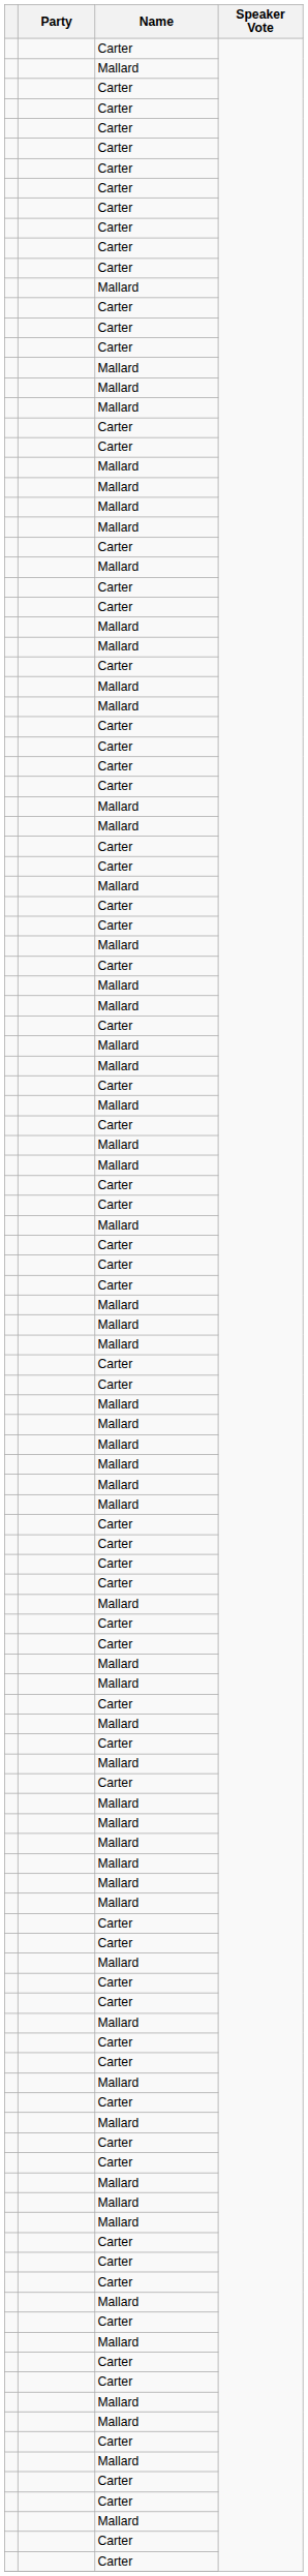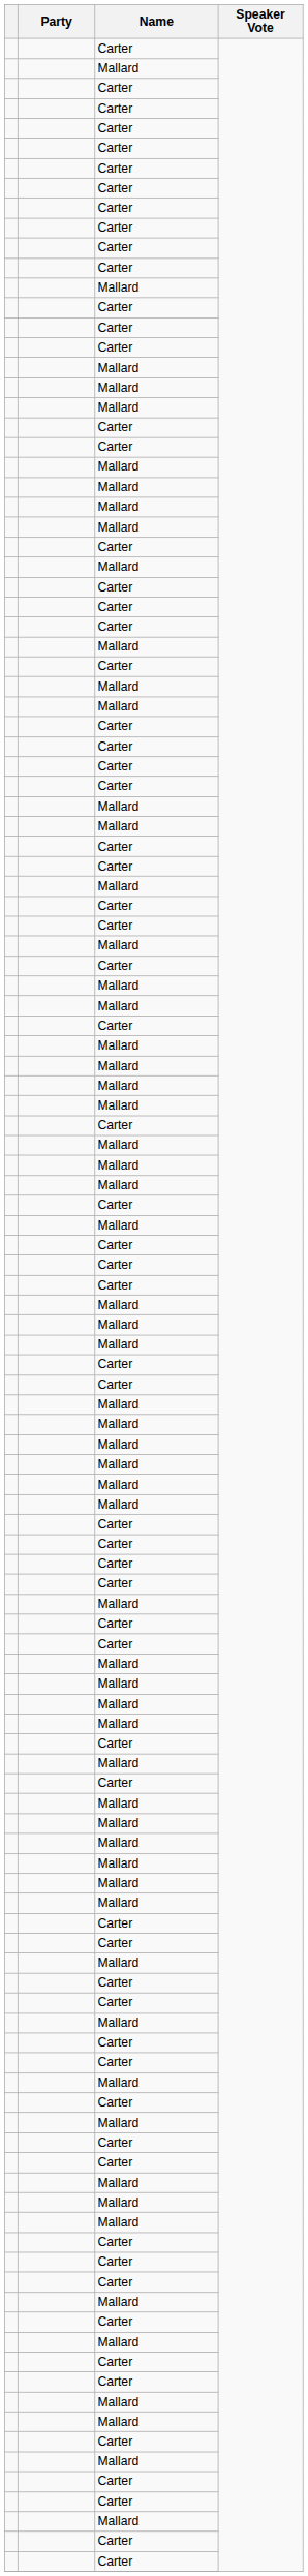 <table class="wikitable sortable mw-collapsible mw-collapsed">
 <tr>
 <th width=10  class=unsortable></th>
 <th width=90>Party</th>
 <th width=150>Name</th>
 <th width=100>Speaker Vote</th>
 </tr>
 <tr>
 <td></td>
 <td></td>
 <td>Carter</td>
 </tr>
 <tr>
 <td></td>
 <td></td>
 <td>Mallard</td>
 </tr>
 <tr>
 <td></td>
 <td></td>
 <td>Carter</td>
 </tr>
 <tr>
 <td></td>
 <td></td>
 <td>Carter</td>
 </tr>
 <tr>
 <td></td>
 <td></td>
 <td>Carter</td>
 </tr>
 <tr>
 <td></td>
 <td></td>
 <td>Carter</td>
 </tr>
 <tr>
 <td></td>
 <td></td>
 <td>Carter</td>
 </tr>
 <tr>
 <td></td>
 <td></td>
 <td>Carter</td>
 </tr>
 <tr>
 <td></td>
 <td></td>
 <td>Carter</td>
 </tr>
 <tr>
 <td></td>
 <td></td>
 <td>Carter</td>
 </tr>
 <tr>
 <td></td>
 <td></td>
 <td>Carter</td>
 </tr>
 <tr>
 <td></td>
 <td></td>
 <td>Carter</td>
 </tr>
 <tr>
 <td></td>
 <td></td>
 <td>Mallard</td>
 </tr>
 <tr>
 <td></td>
 <td></td>
 <td>Carter</td>
 </tr>
 <tr>
 <td></td>
 <td></td>
 <td>Carter</td>
 </tr>
 <tr>
 <td></td>
 <td></td>
 <td>Carter</td>
 </tr>
 <tr>
 <td></td>
 <td></td>
 <td>Mallard</td>
 </tr>
 <tr>
 <td></td>
 <td></td>
 <td>Mallard</td>
 </tr>
 <tr>
 <td></td>
 <td></td>
 <td>Mallard</td>
 </tr>
 <tr>
 <td></td>
 <td></td>
 <td>Carter</td>
 </tr>
 <tr>
 <td></td>
 <td></td>
 <td>Carter</td>
 </tr>
 <tr>
 <td></td>
 <td></td>
 <td>Mallard</td>
 </tr>
 <tr>
 <td></td>
 <td></td>
 <td>Mallard</td>
 </tr>
 <tr>
 <td></td>
 <td></td>
 <td>Mallard</td>
 </tr>
 <tr>
 <td></td>
 <td></td>
 <td>Mallard</td>
 </tr>
 <tr>
 <td></td>
 <td></td>
 <td>Carter</td>
 </tr>
 <tr>
 <td></td>
 <td></td>
 <td>Mallard</td>
 </tr>
 <tr>
 <td></td>
 <td></td>
 <td>Carter</td>
 </tr>
 <tr>
 <td></td>
 <td></td>
 <td>Carter</td>
 </tr>
 <tr>
 <td></td>
 <td></td>
-<td>Mallard</td>
+<td>Carter</td>
 </tr>
 <tr>
 <td></td>
 <td></td>
 <td>Mallard</td>
 </tr>
 <tr>
 <td></td>
 <td></td>
 <td>Carter</td>
 </tr>
 <tr>
 <td></td>
 <td></td>
 <td>Mallard</td>
 </tr>
 <tr>
 <td></td>
 <td></td>
 <td>Mallard</td>
 </tr>
 <tr>
 <td></td>
 <td></td>
 <td>Carter</td>
 </tr>
 <tr>
 <td></td>
 <td></td>
 <td>Carter</td>
 </tr>
 <tr>
 <td></td>
 <td></td>
 <td>Carter</td>
 </tr>
 <tr>
 <td></td>
 <td></td>
 <td>Carter</td>
 </tr>
 <tr>
 <td></td>
 <td></td>
 <td>Mallard</td>
 </tr>
 <tr>
 <td></td>
 <td></td>
 <td>Mallard</td>
 </tr>
 <tr>
 <td></td>
 <td></td>
 <td>Carter</td>
 </tr>
 <tr>
 <td></td>
 <td></td>
 <td>Carter</td>
 </tr>
 <tr>
 <td></td>
 <td></td>
 <td>Mallard</td>
 </tr>
 <tr>
 <td></td>
 <td></td>
 <td>Carter</td>
 </tr>
 <tr>
 <td></td>
 <td></td>
 <td>Carter</td>
 </tr>
 <tr>
 <td></td>
 <td></td>
 <td>Mallard</td>
 </tr>
 <tr>
 <td></td>
 <td></td>
 <td>Carter</td>
 </tr>
 <tr>
 <td></td>
 <td></td>
 <td>Mallard</td>
 </tr>
 <tr>
 <td></td>
 <td></td>
 <td>Mallard</td>
 </tr>
 <tr>
 <td></td>
 <td></td>
 <td>Carter</td>
 </tr>
 <tr>
 <td></td>
 <td></td>
 <td>Mallard</td>
 </tr>
 <tr>
 <td></td>
 <td></td>
 <td>Mallard</td>
 </tr>
 <tr>
 <td></td>
 <td></td>
-<td>Carter</td>
+<td>Mallard</td>
 </tr>
 <tr>
 <td></td>
 <td></td>
 <td>Mallard</td>
 </tr>
 <tr>
 <td></td>
 <td></td>
 <td>Carter</td>
 </tr>
 <tr>
 <td></td>
 <td></td>
 <td>Mallard</td>
 </tr>
 <tr>
 <td></td>
 <td></td>
 <td>Mallard</td>
 </tr>
 <tr>
 <td></td>
 <td></td>
-<td>Carter</td>
+<td>Mallard</td>
 </tr>
 <tr>
 <td></td>
 <td></td>
 <td>Carter</td>
 </tr>
 <tr>
 <td></td>
 <td></td>
 <td>Mallard</td>
 </tr>
 <tr>
 <td></td>
 <td></td>
 <td>Carter</td>
 </tr>
 <tr>
 <td></td>
 <td></td>
 <td>Carter</td>
 </tr>
 <tr>
 <td></td>
 <td></td>
 <td>Carter</td>
 </tr>
 <tr>
 <td></td>
 <td></td>
 <td>Mallard</td>
 </tr>
 <tr>
 <td></td>
 <td></td>
 <td>Mallard</td>
 </tr>
 <tr>
 <td></td>
 <td></td>
 <td>Mallard</td>
 </tr>
 <tr>
 <td></td>
 <td></td>
 <td>Carter</td>
 </tr>
 <tr>
 <td></td>
 <td></td>
 <td>Carter</td>
 </tr>
 <tr>
 <td></td>
 <td></td>
 <td>Mallard</td>
 </tr>
 <tr>
 <td></td>
 <td></td>
 <td>Mallard</td>
 </tr>
 <tr>
 <td></td>
 <td></td>
 <td>Mallard</td>
 </tr>
 <tr>
 <td></td>
 <td></td>
 <td>Mallard</td>
 </tr>
 <tr>
 <td></td>
 <td></td>
 <td>Mallard</td>
 </tr>
 <tr>
 <td></td>
 <td></td>
 <td>Mallard</td>
 </tr>
 <tr>
 <td></td>
 <td></td>
 <td>Carter</td>
 </tr>
 <tr>
 <td></td>
 <td></td>
 <td>Carter</td>
 </tr>
 <tr>
 <td></td>
 <td></td>
 <td>Carter</td>
 </tr>
 <tr>
 <td></td>
 <td></td>
 <td>Carter</td>
 </tr>
 <tr>
 <td></td>
 <td></td>
 <td>Mallard</td>
 </tr>
 <tr>
 <td></td>
 <td></td>
 <td>Carter</td>
 </tr>
 <tr>
 <td></td>
 <td></td>
 <td>Carter</td>
 </tr>
 <tr>
 <td></td>
 <td></td>
 <td>Mallard</td>
 </tr>
 <tr>
 <td></td>
 <td></td>
 <td>Mallard</td>
 </tr>
 <tr>
 <td></td>
 <td></td>
-<td>Carter</td>
+<td>Mallard</td>
 </tr>
 <tr>
 <td></td>
 <td></td>
 <td>Mallard</td>
 </tr>
 <tr>
 <td></td>
 <td></td>
 <td>Carter</td>
 </tr>
 <tr>
 <td></td>
 <td></td>
 <td>Mallard</td>
 </tr>
 <tr>
 <td></td>
 <td></td>
 <td>Carter</td>
 </tr>
 <tr>
 <td></td>
 <td></td>
 <td>Mallard</td>
 </tr>
 <tr>
 <td></td>
 <td></td>
 <td>Mallard</td>
 </tr>
 <tr>
 <td></td>
 <td></td>
 <td>Mallard</td>
 </tr>
 <tr>
 <td></td>
 <td></td>
 <td>Mallard</td>
 </tr>
 <tr>
 <td></td>
 <td></td>
 <td>Mallard</td>
 </tr>
 <tr>
 <td></td>
 <td></td>
 <td>Mallard</td>
 </tr>
 <tr>
 <td></td>
 <td></td>
 <td>Carter</td>
 </tr>
 <tr>
 <td></td>
 <td></td>
 <td>Carter</td>
 </tr>
 <tr>
 <td></td>
 <td></td>
 <td>Mallard</td>
 </tr>
 <tr>
 <td></td>
 <td></td>
 <td>Carter</td>
 </tr>
 <tr>
 <td></td>
 <td></td>
 <td>Carter</td>
 </tr>
 <tr>
 <td></td>
 <td></td>
 <td>Mallard</td>
 </tr>
 <tr>
 <td></td>
 <td></td>
 <td>Carter</td>
 </tr>
 <tr>
 <td></td>
 <td></td>
 <td>Carter</td>
 </tr>
 <tr>
 <td></td>
 <td></td>
 <td>Mallard</td>
 </tr>
 <tr>
 <td></td>
 <td></td>
 <td>Carter</td>
 </tr>
 <tr>
 <td></td>
 <td></td>
 <td>Mallard</td>
 </tr>
 <tr>
 <td></td>
 <td></td>
 <td>Carter</td>
 </tr>
 <tr>
 <td></td>
 <td></td>
 <td>Carter</td>
 </tr>
 <tr>
 <td></td>
 <td></td>
 <td>Mallard</td>
 </tr>
 <tr>
 <td></td>
 <td></td>
 <td>Mallard</td>
 </tr>
 <tr>
 <td></td>
 <td></td>
 <td>Mallard</td>
 </tr>
 <tr>
 <td></td>
 <td></td>
 <td>Carter</td>
 </tr>
 <tr>
 <td></td>
 <td></td>
 <td>Carter</td>
 </tr>
 <tr>
 <td></td>
 <td></td>
 <td>Carter</td>
 </tr>
 <tr>
 <td></td>
 <td></td>
 <td>Mallard</td>
 </tr>
 <tr>
 <td></td>
 <td></td>
 <td>Carter</td>
 </tr>
 <tr>
 <td></td>
 <td></td>
 <td>Mallard</td>
 </tr>
 <tr>
 <td></td>
 <td></td>
 <td>Carter</td>
 </tr>
 <tr>
 <td></td>
 <td></td>
 <td>Carter</td>
 </tr>
 <tr>
 <td></td>
 <td></td>
 <td>Mallard</td>
 </tr>
 <tr>
 <td></td>
 <td></td>
 <td>Mallard</td>
 </tr>
 <tr>
 <td></td>
 <td></td>
 <td>Carter</td>
 </tr>
 <tr>
 <td></td>
 <td></td>
 <td>Mallard</td>
 </tr>
 <tr>
 <td></td>
 <td></td>
 <td>Carter</td>
 </tr>
 <tr>
 <td></td>
 <td></td>
 <td>Carter</td>
 </tr>
 <tr>
 <td></td>
 <td></td>
 <td>Mallard</td>
 </tr>
 <tr>
 <td></td>
 <td></td>
 <td>Carter</td>
 </tr>
 <tr>
 <td></td>
 <td></td>
 <td>Carter</td>
 </tr>
 <tr>
 </tr>
 </table>
